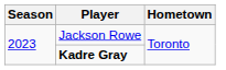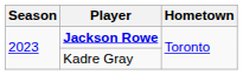 <table class="wikitable">
 <tr>
 <th>Season</th>
 <th>Player</th>
 <th>Hometown</th>
 </tr>
 <tr>
 <td rowspan="2"><a href='#'>2023</a></td>
-<td><a href='#'>Jackson Rowe</a></td>
+<td><strong><a href='#'>Jackson Rowe</a></strong></td>
 <td rowspan="2"><a href='#'>Toronto</a></td>
 </tr>
 <tr>
-<td><strong>Kadre Gray</strong></td>
+<td>Kadre Gray</td>
 </tr>
 </table>
